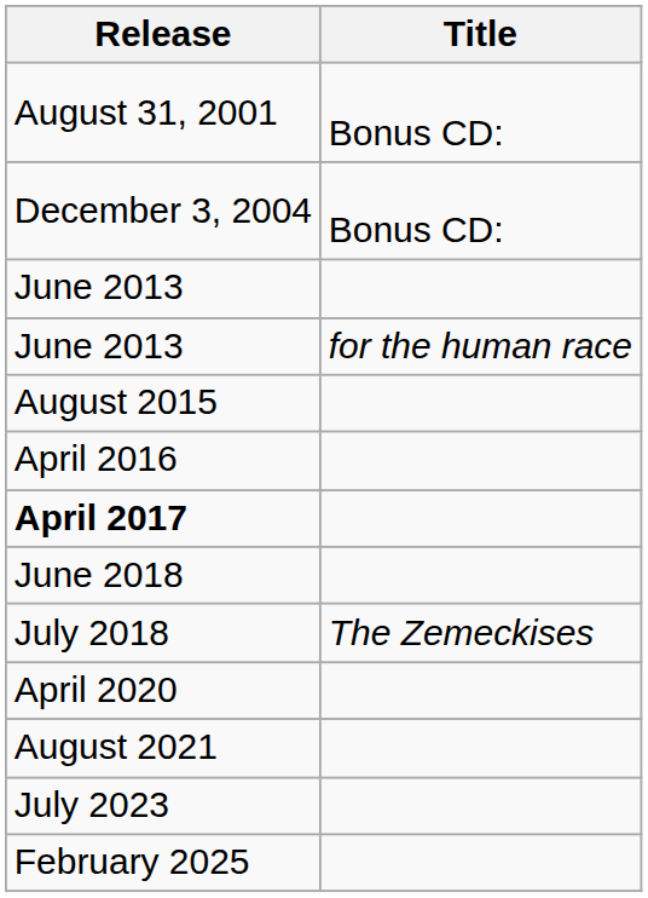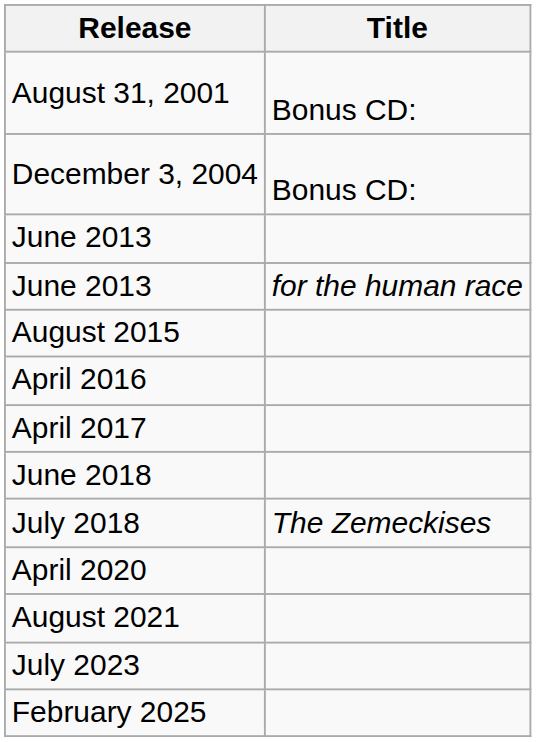 <table class="wikitable">
 <tr>
 <th>Release</th>
 <th>Title</th>
 </tr>
 <tr>
 <td>August 31, 2001</td>
 <td><br>Bonus CD: </td>
 </tr>
 <tr>
 <td>December 3, 2004</td>
 <td><br>Bonus CD: </td>
 </tr>
 <tr>
 <td>June 2013</td>
 <td></td>
 </tr>
 <tr>
 <td>June 2013</td>
 <td><em>for the human race</em></td>
 </tr>
 <tr>
 <td>August 2015</td>
 <td></td>
 </tr>
 <tr>
 <td>April 2016</td>
 <td></td>
 </tr>
 <tr>
-<td><strong>April 2017</strong></td>
+<td>April 2017</td>
 <td></td>
 </tr>
 <tr>
 <td>June 2018</td>
 <td></td>
 </tr>
 <tr>
 <td>July 2018</td>
 <td><em>The Zemeckises</em></td>
 </tr>
 <tr>
 <td>April 2020</td>
 <td></td>
 </tr>
 <tr>
 <td>August 2021</td>
 <td></td>
 </tr>
 <tr>
 <td>July 2023</td>
 <td></td>
 </tr>
 <tr>
 <td>February 2025</td>
 <td></td>
 </tr>
 </table>
